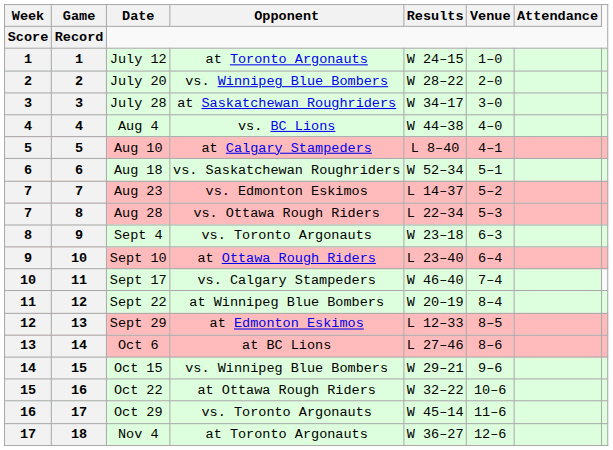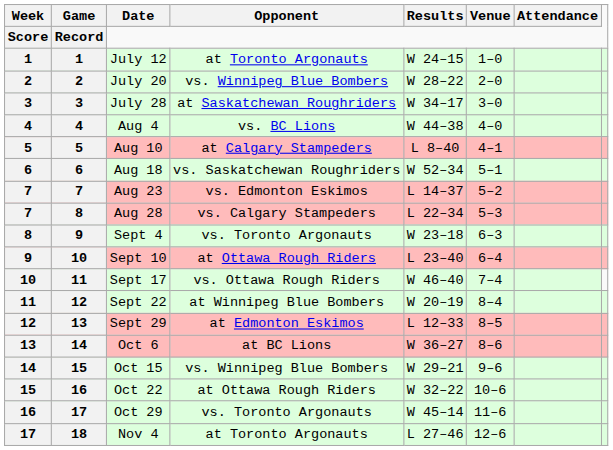 <table class="wikitable" style="text-align:center">
 <tr>
 <th>Week</th>
 <th>Game</th>
 <th>Date</th>
 <th>Opponent</th>
 <th>Results</th>
 <th>Venue</th>
 <th>Attendance</th>
 </tr>
 <tr>
 <th>Score</th>
 <th>Record</th>
 </tr>
 <tr style="background:#ddffdd">
 <th>1</th>
 <th>1</th>
 <td>July 12</td>
 <td>at <a href='#'>Toronto Argonauts</a></td>
 <td>W 24–15</td>
 <td>1–0</td>
 <td></td>
 <td></td>
 </tr>
 <tr style="background:#ddffdd">
 <th>2</th>
 <th>2</th>
 <td>July 20</td>
 <td>vs. <a href='#'>Winnipeg Blue Bombers</a></td>
 <td>W 28–22</td>
 <td>2–0</td>
 <td></td>
 <td></td>
 </tr>
 <tr style="background:#ddffdd">
 <th>3</th>
 <th>3</th>
 <td>July 28</td>
 <td>at <a href='#'>Saskatchewan Roughriders</a></td>
 <td>W 34–17</td>
 <td>3–0</td>
 <td></td>
 <td></td>
 </tr>
 <tr style="background:#ddffdd">
 <th>4</th>
 <th>4</th>
 <td>Aug 4</td>
 <td>vs. <a href='#'>BC Lions</a></td>
 <td>W 44–38</td>
 <td>4–0</td>
 <td></td>
 <td></td>
 </tr>
 <tr style="background:#ffbbbb">
 <th>5</th>
 <th>5</th>
 <td>Aug 10</td>
 <td>at <a href='#'>Calgary Stampeders</a></td>
 <td>L 8–40</td>
 <td>4–1</td>
 <td></td>
 <td></td>
 </tr>
 <tr style="background:#ddffdd">
 <th>6</th>
 <th>6</th>
 <td>Aug 18</td>
 <td>vs. Saskatchewan Roughriders</td>
 <td>W 52–34</td>
 <td>5–1</td>
 <td></td>
 <td></td>
 </tr>
 <tr style="background:#ffbbbb">
 <th>7</th>
 <th>7</th>
 <td>Aug 23</td>
 <td>vs. Edmonton Eskimos</td>
 <td>L 14–37</td>
 <td>5–2</td>
 <td></td>
 <td></td>
 </tr>
 <tr style="background:#ffbbbb">
 <th>7</th>
 <th>8</th>
 <td>Aug 28</td>
-<td>vs. Ottawa Rough Riders</td>
+<td>vs. Calgary Stampeders</td>
 <td>L 22–34</td>
 <td>5–3</td>
 <td></td>
 <td></td>
 </tr>
 <tr style="background:#ddffdd">
 <th>8</th>
 <th>9</th>
 <td>Sept 4</td>
 <td>vs. Toronto Argonauts</td>
 <td>W 23–18</td>
 <td>6–3</td>
 <td></td>
 <td></td>
 </tr>
 <tr style="background:#ffbbbb">
 <th>9</th>
 <th>10</th>
 <td>Sept 10</td>
 <td>at <a href='#'>Ottawa Rough Riders</a></td>
 <td>L 23–40</td>
 <td>6–4</td>
 <td></td>
 <td></td>
 </tr>
 <tr style="background:#ddffdd">
 <th>10</th>
 <th>11</th>
 <td>Sept 17</td>
-<td>vs. Calgary Stampeders</td>
+<td>vs. Ottawa Rough Riders</td>
 <td>W 46–40</td>
 <td>7–4</td>
 <td></td>
 </tr>
 <tr style="background:#ddffdd">
 <th>11</th>
 <th>12</th>
 <td>Sept 22</td>
 <td>at Winnipeg Blue Bombers</td>
 <td>W 20–19</td>
 <td>8–4</td>
 <td></td>
 <td></td>
 </tr>
 <tr style="background:#ffbbbb">
 <th>12</th>
 <th>13</th>
 <td>Sept 29</td>
 <td>at <a href='#'>Edmonton Eskimos</a></td>
 <td>L 12–33</td>
 <td>8–5</td>
 <td></td>
 <td></td>
 </tr>
 <tr style="background:#ffbbbb">
 <th>13</th>
 <th>14</th>
 <td>Oct 6</td>
 <td>at BC Lions</td>
-<td>L 27–46</td>
+<td>W 36–27</td>
 <td>8–6</td>
 <td></td>
 <td></td>
 </tr>
 <tr style="background:#ddffdd">
 <th>14</th>
 <th>15</th>
 <td>Oct 15</td>
 <td>vs. Winnipeg Blue Bombers</td>
 <td>W 29–21</td>
 <td>9–6</td>
 <td></td>
 <td></td>
 </tr>
 <tr style="background:#ddffdd">
 <th>15</th>
 <th>16</th>
 <td>Oct 22</td>
 <td>at Ottawa Rough Riders</td>
 <td>W 32–22</td>
 <td>10–6</td>
 <td></td>
 <td></td>
 </tr>
 <tr style="background:#ddffdd">
 <th>16</th>
 <th>17</th>
 <td>Oct 29</td>
 <td>vs. Toronto Argonauts</td>
 <td>W 45–14</td>
 <td>11–6</td>
 <td></td>
 <td></td>
 </tr>
 <tr style="background:#ddffdd">
 <th>17</th>
 <th>18</th>
 <td>Nov 4</td>
 <td>at Toronto Argonauts</td>
-<td>W 36–27</td>
+<td>L 27–46</td>
 <td>12–6</td>
 <td></td>
 <td></td>
 </tr>
 </table>
